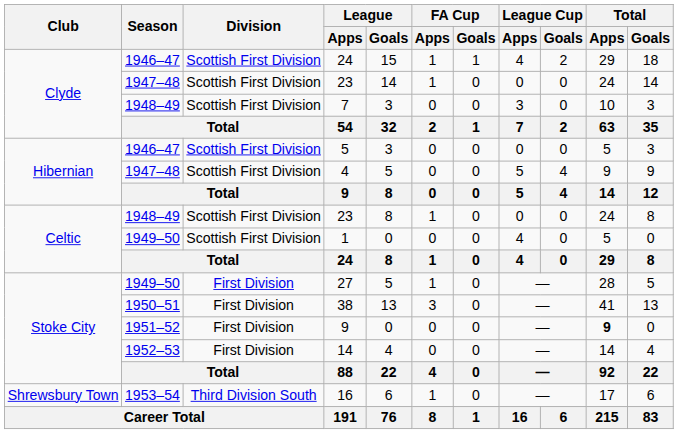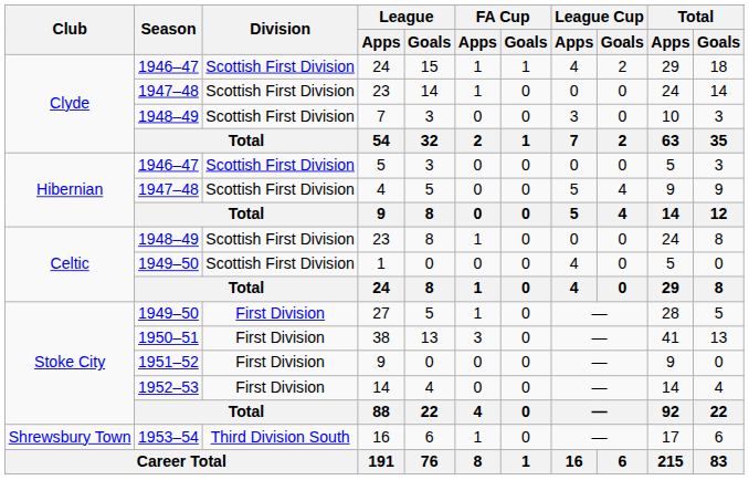 <table class="wikitable" style="text-align: center;">
 <tr>
 <th rowspan="2">Club</th>
 <th rowspan="2">Season</th>
 <th rowspan="2">Division</th>
 <th colspan="2">League</th>
 <th colspan="2">FA Cup</th>
 <th colspan="2">League Cup</th>
 <th colspan="2">Total</th>
 </tr>
 <tr>
 <th>Apps</th>
 <th>Goals</th>
 <th>Apps</th>
 <th>Goals</th>
 <th>Apps</th>
 <th>Goals</th>
 <th>Apps</th>
 <th>Goals</th>
 </tr>
 <tr>
 <td rowspan="4"><a href='#'>Clyde</a></td>
 <td><a href='#'>1946–47</a></td>
 <td><a href='#'>Scottish First Division</a></td>
 <td>24</td>
 <td>15</td>
 <td>1</td>
 <td>1</td>
 <td>4</td>
 <td>2</td>
 <td>29</td>
 <td>18</td>
 </tr>
 <tr>
 <td><a href='#'>1947–48</a></td>
 <td>Scottish First Division</td>
 <td>23</td>
 <td>14</td>
 <td>1</td>
 <td>0</td>
 <td>0</td>
 <td>0</td>
 <td>24</td>
 <td>14</td>
 </tr>
 <tr>
 <td><a href='#'>1948–49</a></td>
 <td>Scottish First Division</td>
 <td>7</td>
 <td>3</td>
 <td>0</td>
 <td>0</td>
 <td>3</td>
 <td>0</td>
 <td>10</td>
 <td>3</td>
 </tr>
 <tr>
 <th colspan=2>Total</th>
 <th>54</th>
 <th>32</th>
 <th>2</th>
 <th>1</th>
 <th>7</th>
 <th>2</th>
 <th>63</th>
 <th>35</th>
 </tr>
 <tr>
 <td rowspan="3"><a href='#'>Hibernian</a></td>
 <td><a href='#'>1946–47</a></td>
 <td><a href='#'>Scottish First Division</a></td>
 <td>5</td>
 <td>3</td>
 <td>0</td>
 <td>0</td>
 <td>0</td>
 <td>0</td>
 <td>5</td>
 <td>3</td>
 </tr>
 <tr>
 <td><a href='#'>1947–48</a></td>
 <td>Scottish First Division</td>
 <td>4</td>
 <td>5</td>
 <td>0</td>
 <td>0</td>
 <td>5</td>
 <td>4</td>
 <td>9</td>
 <td>9</td>
 </tr>
 <tr>
 <th colspan=2>Total</th>
 <th>9</th>
 <th>8</th>
 <th>0</th>
 <th>0</th>
 <th>5</th>
 <th>4</th>
 <th>14</th>
 <th>12</th>
 </tr>
 <tr>
 <td rowspan="3"><a href='#'>Celtic</a></td>
 <td><a href='#'>1948–49</a></td>
 <td>Scottish First Division</td>
 <td>23</td>
 <td>8</td>
 <td>1</td>
 <td>0</td>
 <td>0</td>
 <td>0</td>
 <td>24</td>
 <td>8</td>
 </tr>
 <tr>
 <td><a href='#'>1949–50</a></td>
 <td>Scottish First Division</td>
 <td>1</td>
 <td>0</td>
 <td>0</td>
 <td>0</td>
 <td>4</td>
 <td>0</td>
 <td>5</td>
 <td>0</td>
 </tr>
 <tr>
 <th colspan=2>Total</th>
 <th>24</th>
 <th>8</th>
 <th>1</th>
 <th>0</th>
 <th>4</th>
 <th>0</th>
 <th>29</th>
 <th>8</th>
 </tr>
 <tr>
 <td rowspan="5"><a href='#'>Stoke City</a></td>
 <td><a href='#'>1949–50</a></td>
 <td><a href='#'>First Division</a></td>
 <td>27</td>
 <td>5</td>
 <td>1</td>
 <td>0</td>
 <td colspan=2>—</td>
 <td>28</td>
 <td>5</td>
 </tr>
 <tr>
 <td><a href='#'>1950–51</a></td>
 <td>First Division</td>
 <td>38</td>
 <td>13</td>
 <td>3</td>
 <td>0</td>
 <td colspan=2>—</td>
 <td>41</td>
 <td>13</td>
 </tr>
 <tr>
 <td><a href='#'>1951–52</a></td>
 <td>First Division</td>
 <td>9</td>
 <td>0</td>
 <td>0</td>
 <td>0</td>
 <td colspan=2>—</td>
-<td><strong>9</strong></td>
+<td>9</td>
 <td>0</td>
 </tr>
 <tr>
 <td><a href='#'>1952–53</a></td>
 <td>First Division</td>
 <td>14</td>
 <td>4</td>
 <td>0</td>
 <td>0</td>
 <td colspan=2>—</td>
 <td>14</td>
 <td>4</td>
 </tr>
 <tr>
 <th colspan="2">Total</th>
 <th>88</th>
 <th>22</th>
 <th>4</th>
 <th>0</th>
 <th colspan=2>—</th>
 <th>92</th>
 <th>22</th>
 </tr>
 <tr>
 <td><a href='#'>Shrewsbury Town</a></td>
 <td><a href='#'>1953–54</a></td>
 <td><a href='#'>Third Division South</a></td>
 <td>16</td>
 <td>6</td>
 <td>1</td>
 <td>0</td>
 <td colspan=2>—</td>
 <td>17</td>
 <td>6</td>
 </tr>
 <tr>
 <th colspan="3">Career Total</th>
 <th>191</th>
 <th>76</th>
 <th>8</th>
 <th>1</th>
 <th>16</th>
 <th>6</th>
 <th>215</th>
 <th>83</th>
 </tr>
 </table>
